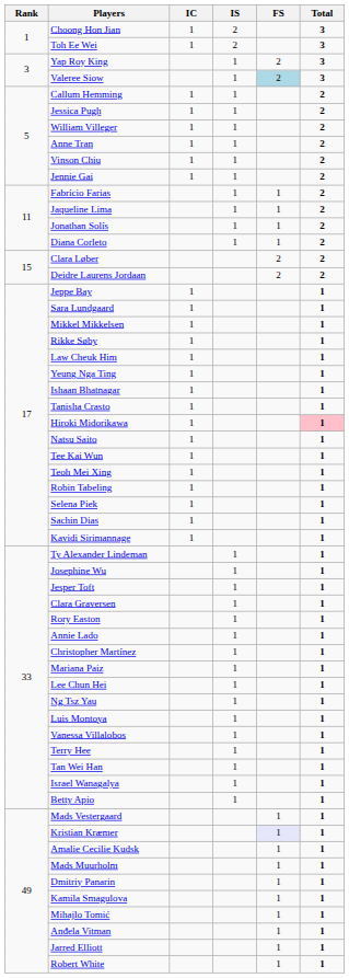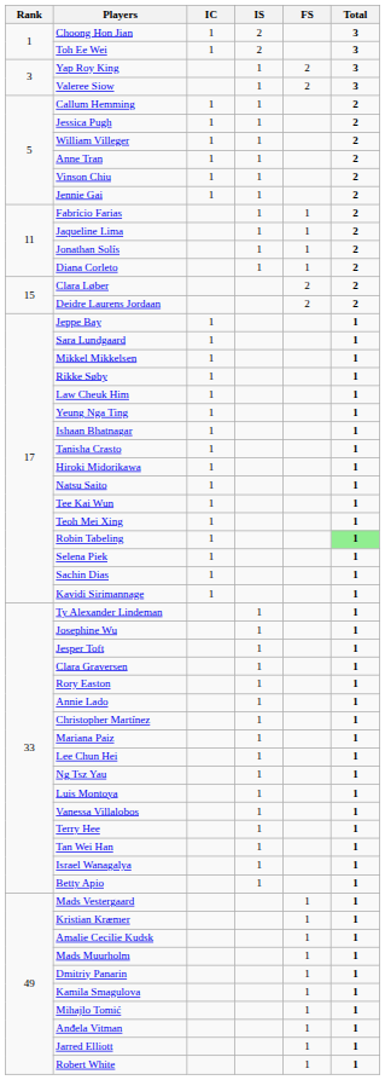 <table class="wikitable" style="font-size:80%; text-align:center">
 <tr>
 <th width="50">Rank</th>
 <th width="150">Players</th>
 <th width="50">IC</th>
 <th width="50">IS</th>
 <th width="50">FS</th>
 <th width="50">Total</th>
 </tr>
 <tr>
 <td rowspan="2">1</td>
 <td align="left"> <a href='#'>Choong Hon Jian</a></td>
 <td>1</td>
 <td>2</td>
 <td></td>
 <td><strong>3</strong></td>
 </tr>
 <tr>
 <td align="left"> <a href='#'>Toh Ee Wei</a></td>
 <td>1</td>
 <td>2</td>
 <td></td>
 <td><strong>3</strong></td>
 </tr>
 <tr>
 <td rowspan="2">3</td>
 <td align="left"> <a href='#'>Yap Roy King</a></td>
 <td></td>
 <td>1</td>
 <td>2</td>
 <td><strong>3</strong></td>
 </tr>
 <tr>
 <td align="left"> <a href='#'>Valeree Siow</a></td>
 <td></td>
 <td>1</td>
-<td style="background: lightblue;">2</td>
+<td>2</td>
 <td><strong>3</strong></td>
 </tr>
 <tr>
 <td rowspan="6">5</td>
 <td align="left"> <a href='#'>Callum Hemming</a></td>
 <td>1</td>
 <td>1</td>
 <td></td>
 <td><strong>2</strong></td>
 </tr>
 <tr>
 <td align="left"> <a href='#'>Jessica Pugh</a></td>
 <td>1</td>
 <td>1</td>
 <td></td>
 <td><strong>2</strong></td>
 </tr>
 <tr>
 <td align="left"> <a href='#'>William Villeger</a></td>
 <td>1</td>
 <td>1</td>
 <td></td>
 <td><strong>2</strong></td>
 </tr>
 <tr>
 <td align="left"> <a href='#'>Anne Tran</a></td>
 <td>1</td>
 <td>1</td>
 <td></td>
 <td><strong>2</strong></td>
 </tr>
 <tr>
 <td align="left"> <a href='#'>Vinson Chiu</a></td>
 <td>1</td>
 <td>1</td>
 <td></td>
 <td><strong>2</strong></td>
 </tr>
 <tr>
 <td align="left"> <a href='#'>Jennie Gai</a></td>
 <td>1</td>
 <td>1</td>
 <td></td>
 <td><strong>2</strong></td>
 </tr>
 <tr>
 <td rowspan="4">11</td>
 <td align="left"> <a href='#'>Fabrício Farias</a></td>
 <td></td>
 <td>1</td>
 <td>1</td>
 <td><strong>2</strong></td>
 </tr>
 <tr>
 <td align="left"> <a href='#'>Jaqueline Lima</a></td>
 <td></td>
 <td>1</td>
 <td>1</td>
 <td><strong>2</strong></td>
 </tr>
 <tr>
 <td align="left"> <a href='#'>Jonathan Solís</a></td>
 <td></td>
 <td>1</td>
 <td>1</td>
 <td><strong>2</strong></td>
 </tr>
 <tr>
 <td align="left"> <a href='#'>Diana Corleto</a></td>
 <td></td>
 <td>1</td>
 <td>1</td>
 <td><strong>2</strong></td>
 </tr>
 <tr>
 <td rowspan="2">15</td>
 <td align="left"> <a href='#'>Clara Løber</a></td>
 <td></td>
 <td></td>
 <td>2</td>
 <td><strong>2</strong></td>
 </tr>
 <tr>
 <td align="left" nowrap> <a href='#'>Deidre Laurens Jordaan</a></td>
 <td></td>
 <td></td>
 <td>2</td>
 <td><strong>2</strong></td>
 </tr>
 <tr>
 <td rowspan="16">17</td>
 <td align="left"> <a href='#'>Jeppe Bay</a></td>
 <td>1</td>
 <td></td>
 <td></td>
 <td><strong>1</strong></td>
 </tr>
 <tr>
 <td align="left"> <a href='#'>Sara Lundgaard</a></td>
 <td>1</td>
 <td></td>
 <td></td>
 <td><strong>1</strong></td>
 </tr>
 <tr>
 <td align="left"> <a href='#'>Mikkel Mikkelsen</a></td>
 <td>1</td>
 <td></td>
 <td></td>
 <td><strong>1</strong></td>
 </tr>
 <tr>
 <td align="left"> <a href='#'>Rikke Søby</a></td>
 <td>1</td>
 <td></td>
 <td></td>
 <td><strong>1</strong></td>
 </tr>
 <tr>
 <td align="left"> <a href='#'>Law Cheuk Him</a></td>
 <td>1</td>
 <td></td>
 <td></td>
 <td><strong>1</strong></td>
 </tr>
 <tr>
 <td align="left"> <a href='#'>Yeung Nga Ting</a></td>
 <td>1</td>
 <td></td>
 <td></td>
 <td><strong>1</strong></td>
 </tr>
 <tr>
 <td align="left"> <a href='#'>Ishaan Bhatnagar</a></td>
 <td>1</td>
 <td></td>
 <td></td>
 <td><strong>1</strong></td>
 </tr>
 <tr>
 <td align="left"> <a href='#'>Tanisha Crasto</a></td>
 <td>1</td>
 <td></td>
 <td></td>
 <td><strong>1</strong></td>
 </tr>
 <tr>
 <td align="left"> <a href='#'>Hiroki Midorikawa</a></td>
 <td>1</td>
 <td></td>
 <td></td>
-<td style="background: pink;"><strong>1</strong></td>
+<td><strong>1</strong></td>
 </tr>
 <tr>
 <td align="left"> <a href='#'>Natsu Saito</a></td>
 <td>1</td>
 <td></td>
 <td></td>
 <td><strong>1</strong></td>
 </tr>
 <tr>
 <td align="left"> <a href='#'>Tee Kai Wun</a></td>
 <td>1</td>
 <td></td>
 <td></td>
 <td><strong>1</strong></td>
 </tr>
 <tr>
 <td align="left"> <a href='#'>Teoh Mei Xing</a></td>
 <td>1</td>
 <td></td>
 <td></td>
 <td><strong>1</strong></td>
 </tr>
 <tr>
 <td align="left"> <a href='#'>Robin Tabeling</a></td>
 <td>1</td>
 <td></td>
 <td></td>
-<td><strong>1</strong></td>
+<td style="background: lightgreen;"><strong>1</strong></td>
 </tr>
 <tr>
 <td align="left"> <a href='#'>Selena Piek</a></td>
 <td>1</td>
 <td></td>
 <td></td>
 <td><strong>1</strong></td>
 </tr>
 <tr>
 <td align="left"> <a href='#'>Sachin Dias</a></td>
 <td>1</td>
 <td></td>
 <td></td>
 <td><strong>1</strong></td>
 </tr>
 <tr>
 <td align="left"> <a href='#'>Kavidi Sirimannage</a></td>
 <td>1</td>
 <td></td>
 <td></td>
 <td><strong>1</strong></td>
 </tr>
 <tr>
 <td rowspan="16">33</td>
 <td align="left"> <a href='#'>Ty Alexander Lindeman</a></td>
 <td></td>
 <td>1</td>
 <td></td>
 <td><strong>1</strong></td>
 </tr>
 <tr>
 <td align="left"> <a href='#'>Josephine Wu</a></td>
 <td></td>
 <td>1</td>
 <td></td>
 <td><strong>1</strong></td>
 </tr>
 <tr>
 <td align="left"> <a href='#'>Jesper Toft</a></td>
 <td></td>
 <td>1</td>
 <td></td>
 <td><strong>1</strong></td>
 </tr>
 <tr>
 <td align="left"> <a href='#'>Clara Graversen</a></td>
 <td></td>
 <td>1</td>
 <td></td>
 <td><strong>1</strong></td>
 </tr>
 <tr>
 <td align="left"> <a href='#'>Rory Easton</a></td>
 <td></td>
 <td>1</td>
 <td></td>
 <td><strong>1</strong></td>
 </tr>
 <tr>
 <td align="left"> <a href='#'>Annie Lado</a></td>
 <td></td>
 <td>1</td>
 <td></td>
 <td><strong>1</strong></td>
 </tr>
 <tr>
 <td align="left"> <a href='#'>Christopher Martínez</a></td>
 <td></td>
 <td>1</td>
 <td></td>
 <td><strong>1</strong></td>
 </tr>
 <tr>
 <td align="left"> <a href='#'>Mariana Paiz</a></td>
 <td></td>
 <td>1</td>
 <td></td>
 <td><strong>1</strong></td>
 </tr>
 <tr>
 <td align="left"> <a href='#'>Lee Chun Hei</a></td>
 <td></td>
 <td>1</td>
 <td></td>
 <td><strong>1</strong></td>
 </tr>
 <tr>
 <td align="left"> <a href='#'>Ng Tsz Yau</a></td>
 <td></td>
 <td>1</td>
 <td></td>
 <td><strong>1</strong></td>
 </tr>
 <tr>
 <td align="left"> <a href='#'>Luis Montoya</a></td>
 <td></td>
 <td>1</td>
 <td></td>
 <td><strong>1</strong></td>
 </tr>
 <tr>
 <td align="left"> <a href='#'>Vanessa Villalobos</a></td>
 <td></td>
 <td>1</td>
 <td></td>
 <td><strong>1</strong></td>
 </tr>
 <tr>
 <td align="left"> <a href='#'>Terry Hee</a></td>
 <td></td>
 <td>1</td>
 <td></td>
 <td><strong>1</strong></td>
 </tr>
 <tr>
 <td align="left"> <a href='#'>Tan Wei Han</a></td>
 <td></td>
 <td>1</td>
 <td></td>
 <td><strong>1</strong></td>
 </tr>
 <tr>
 <td align="left"> <a href='#'>Israel Wanagalya</a></td>
 <td></td>
 <td>1</td>
 <td></td>
 <td><strong>1</strong></td>
 </tr>
 <tr>
 <td align="left"> <a href='#'>Betty Apio</a></td>
 <td></td>
 <td>1</td>
 <td></td>
 <td><strong>1</strong></td>
 </tr>
 <tr>
 <td rowspan="10">49</td>
 <td align="left"> <a href='#'>Mads Vestergaard</a></td>
 <td></td>
 <td></td>
 <td>1</td>
 <td><strong>1</strong></td>
 </tr>
 <tr>
 <td align="left"> <a href='#'>Kristian Kræmer</a></td>
 <td></td>
 <td></td>
-<td style="background: lavender;">1</td>
+<td>1</td>
 <td><strong>1</strong></td>
 </tr>
 <tr>
 <td align="left"> <a href='#'>Amalie Cecilie Kudsk</a></td>
 <td></td>
 <td></td>
 <td>1</td>
 <td><strong>1</strong></td>
 </tr>
 <tr>
 <td align="left"> <a href='#'>Mads Muurholm </a></td>
 <td></td>
 <td></td>
 <td>1</td>
 <td><strong>1</strong></td>
 </tr>
 <tr>
 <td align="left"> <a href='#'>Dmitriy Panarin</a></td>
 <td></td>
 <td></td>
 <td>1</td>
 <td><strong>1</strong></td>
 </tr>
 <tr>
 <td align="left"> <a href='#'>Kamila Smagulova</a></td>
 <td></td>
 <td></td>
 <td>1</td>
 <td><strong>1</strong></td>
 </tr>
 <tr>
 <td align="left"> <a href='#'>Mihajlo Tomić</a></td>
 <td></td>
 <td></td>
 <td>1</td>
 <td><strong>1</strong></td>
 </tr>
 <tr>
 <td align="left"> <a href='#'>Anđela Vitman</a></td>
 <td></td>
 <td></td>
 <td>1</td>
 <td><strong>1</strong></td>
 </tr>
 <tr>
 <td align="left"> <a href='#'>Jarred Elliott</a></td>
 <td></td>
 <td></td>
 <td>1</td>
 <td><strong>1</strong></td>
 </tr>
 <tr>
 <td align="left"> <a href='#'>Robert White</a></td>
 <td></td>
 <td></td>
 <td>1</td>
 <td><strong>1</strong></td>
 </tr>
 </table>
